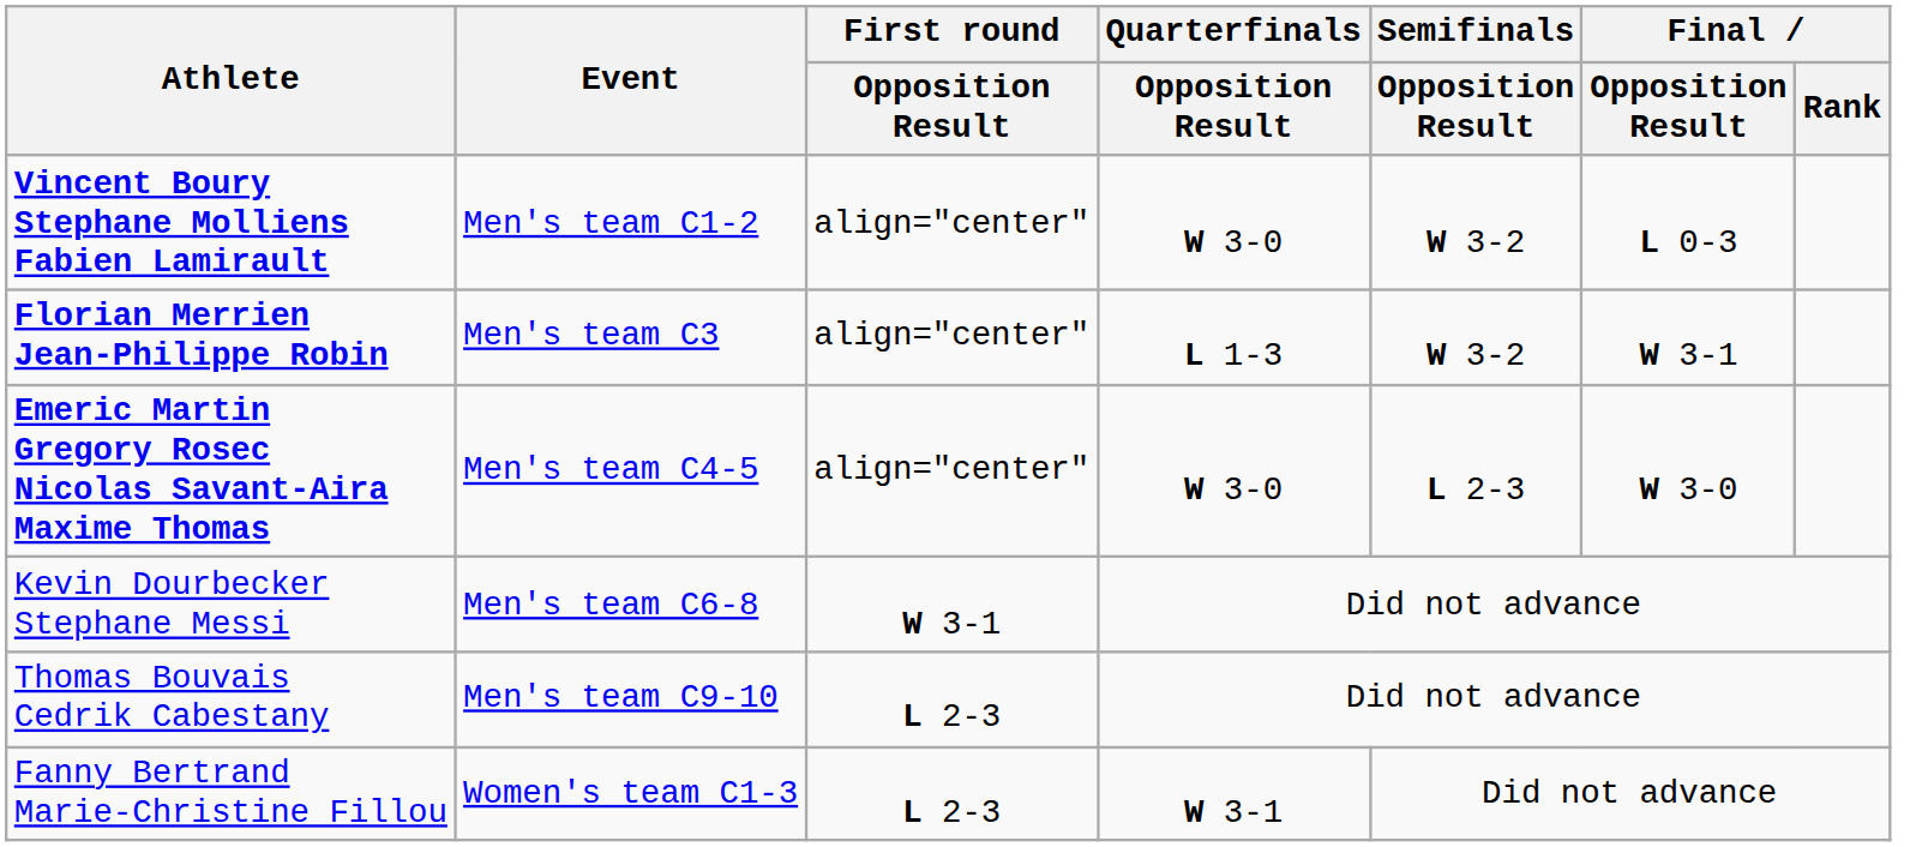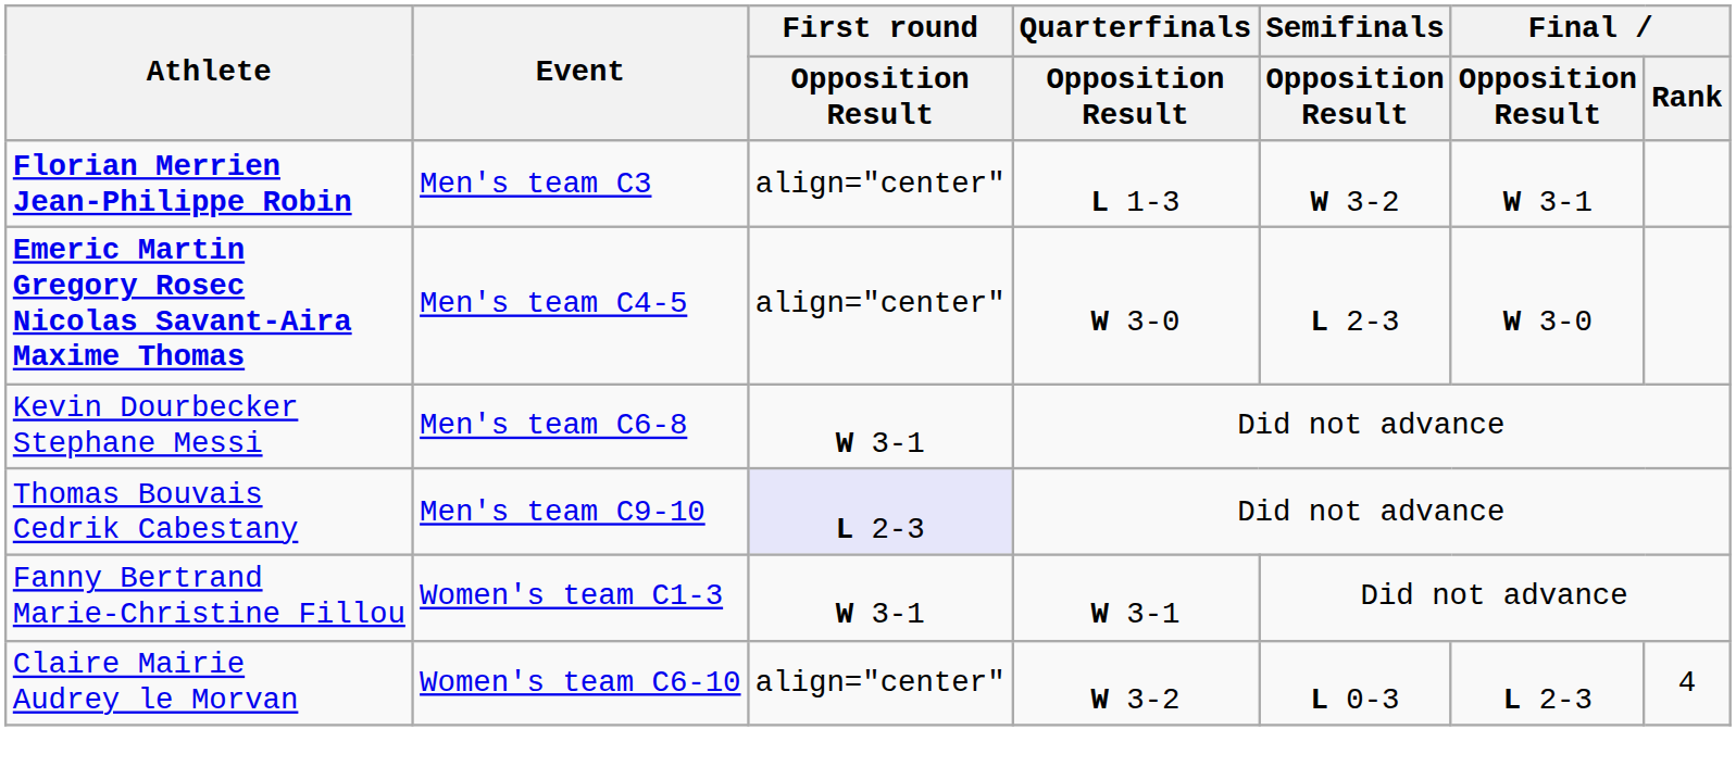 <table class=wikitable style="font-size:90%">
 <tr>
 <th rowspan="2">Athlete</th>
 <th rowspan="2">Event</th>
 <th>First round</th>
 <th>Quarterfinals</th>
 <th>Semifinals</th>
 <th colspan="2">Final / </th>
 </tr>
 <tr>
 <th>Opposition<br>Result</th>
 <th>Opposition<br>Result</th>
 <th>Opposition<br>Result</th>
 <th>Opposition<br>Result</th>
 <th>Rank</th>
-</tr>
-<tr>
-<td><strong><a href='#'>Vincent Boury</a></strong><br> <strong><a href='#'>Stephane Molliens</a></strong><br> <strong><a href='#'>Fabien Lamirault</a></strong></td>
-<td><a href='#'>Men's team C1-2</a></td>
-<td>align="center" </td>
-<td align="center"><br><strong>W</strong> 3-0</td>
-<td align="center"><br><strong>W</strong> 3-2</td>
-<td align="center"><br><strong>L</strong> 0-3</td>
-<td align="center"></td>
 </tr>
 <tr>
 <td><strong><a href='#'>Florian Merrien</a></strong><br> <strong><a href='#'>Jean-Philippe Robin</a></strong></td>
 <td><a href='#'>Men's team C3</a></td>
 <td>align="center" </td>
 <td align="center"><br><strong>L</strong> 1-3</td>
 <td align="center"><br><strong>W</strong> 3-2</td>
 <td align="center"><br><strong>W</strong> 3-1</td>
 <td align="center"></td>
 </tr>
 <tr>
 <td><strong><a href='#'>Emeric Martin</a></strong><br> <strong><a href='#'>Gregory Rosec</a></strong><br> <strong><a href='#'>Nicolas Savant-Aira</a></strong><br> <strong><a href='#'>Maxime Thomas</a></strong></td>
 <td><a href='#'>Men's team C4-5</a></td>
 <td>align="center" </td>
 <td align="center"><br><strong>W</strong> 3-0</td>
 <td align="center"><br><strong>L</strong> 2-3</td>
 <td align="center"><br><strong>W</strong> 3-0</td>
 <td align="center"></td>
 </tr>
 <tr>
 <td><a href='#'>Kevin Dourbecker</a><br> <a href='#'>Stephane Messi</a></td>
 <td><a href='#'>Men's team C6-8</a></td>
 <td align="center"><br><strong>W</strong> 3-1</td>
 <td align="center" colspan=4>Did not advance</td>
 </tr>
 <tr>
 <td><a href='#'>Thomas Bouvais</a><br> <a href='#'>Cedrik Cabestany</a></td>
 <td><a href='#'>Men's team C9-10</a></td>
-<td align="center"><br><strong>L</strong> 2-3</td>
+<td align="center" style="background: lavender;"><br><strong>L</strong> 2-3</td>
 <td align="center" colspan=4>Did not advance</td>
 </tr>
 <tr>
 <td><a href='#'>Fanny Bertrand</a><br> <a href='#'>Marie-Christine Fillou</a></td>
 <td><a href='#'>Women's team C1-3</a></td>
-<td align="center"><br><strong>L</strong> 2-3</td>
+<td align="center"><br><strong>W</strong> 3-1</td>
 <td align="center"><br><strong>W</strong> 3-1</td>
 <td align="center" colspan=3>Did not advance</td>
 </tr>
+<tr>
+<td><a href='#'>Claire Mairie</a><br> <a href='#'>Audrey le Morvan</a></td>
+<td><a href='#'>Women's team C6-10</a></td>
+<td>align="center" </td>
+<td align="center"><br><strong>W</strong> 3-2</td>
+<td align="center"><br><strong>L</strong> 0-3</td>
+<td align="center"><br><strong>L</strong> 2-3</td>
+<td align="center">4</td>
+</tr>
 </table>
